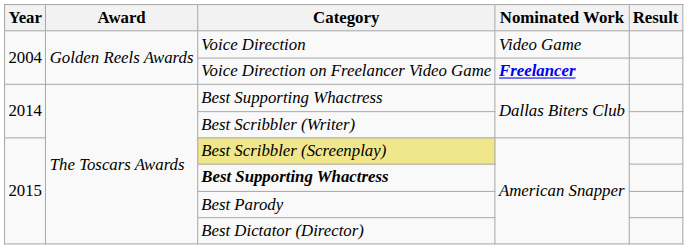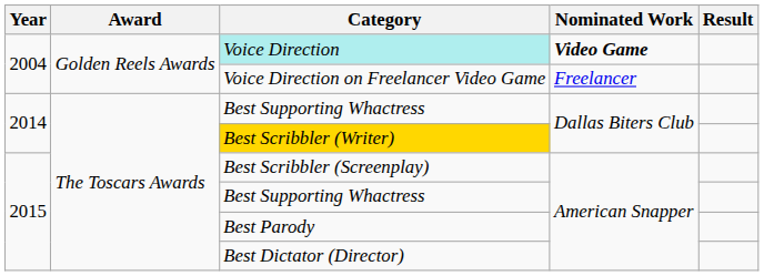 <table class="wikitable sortable mw-collapsible">
 <tr>
 <th scope="col">Year</th>
 <th scope="col">Award</th>
 <th scope="col">Category</th>
 <th scope="col">Nominated Work</th>
 <th scope="col">Result</th>
 </tr>
 <tr>
 <td rowspan="2">2004</td>
 <td rowspan="2"><em>Golden Reels Awards</em></td>
-<td><em>Voice Direction</em></td>
-<td><em>Video Game</em></td>
+<td style="background: paleturquoise;"><em>Voice Direction</em></td>
+<td><strong><em>Video Game</em></strong></td>
 <td></td>
 </tr>
 <tr>
 <td><em>Voice Direction on Freelancer Video Game</em></td>
-<td><strong><em><a href='#'>Freelancer</a></em></strong></td>
+<td><em><a href='#'>Freelancer</a></em></td>
 <td></td>
 </tr>
 <tr>
 <td rowspan="2">2014</td>
 <td rowspan="6"><em>The Toscars Awards</em></td>
 <td><em>Best Supporting Whactress</em></td>
 <td rowspan="2"><em>Dallas Biters Club</em></td>
 <td></td>
 </tr>
 <tr>
-<td><em>Best Scribbler (Writer)</em></td>
+<td style="background: gold;"><em>Best Scribbler (Writer)</em></td>
 <td></td>
 </tr>
 <tr>
 <td rowspan="4">2015</td>
-<td style="background: khaki;"><em>Best Scribbler (Screenplay)</em></td>
+<td><em>Best Scribbler (Screenplay)</em></td>
 <td rowspan="4"><em>American Snapper</em></td>
 <td></td>
 </tr>
 <tr>
-<td><strong><em>Best Supporting Whactress</em></strong></td>
+<td><em>Best Supporting Whactress</em></td>
 <td></td>
 </tr>
 <tr>
 <td><em>Best Parody</em></td>
 <td></td>
 </tr>
 <tr>
 <td><em>Best Dictator (Director)</em></td>
 <td></td>
 </tr>
 </table>
